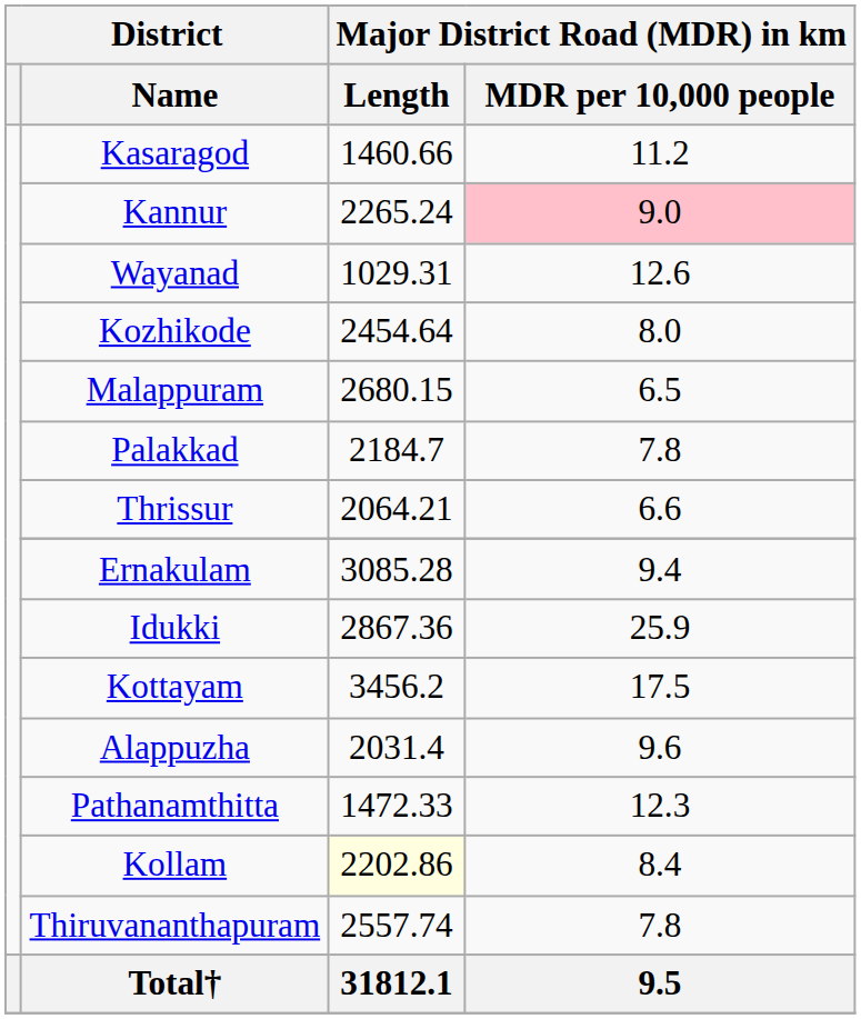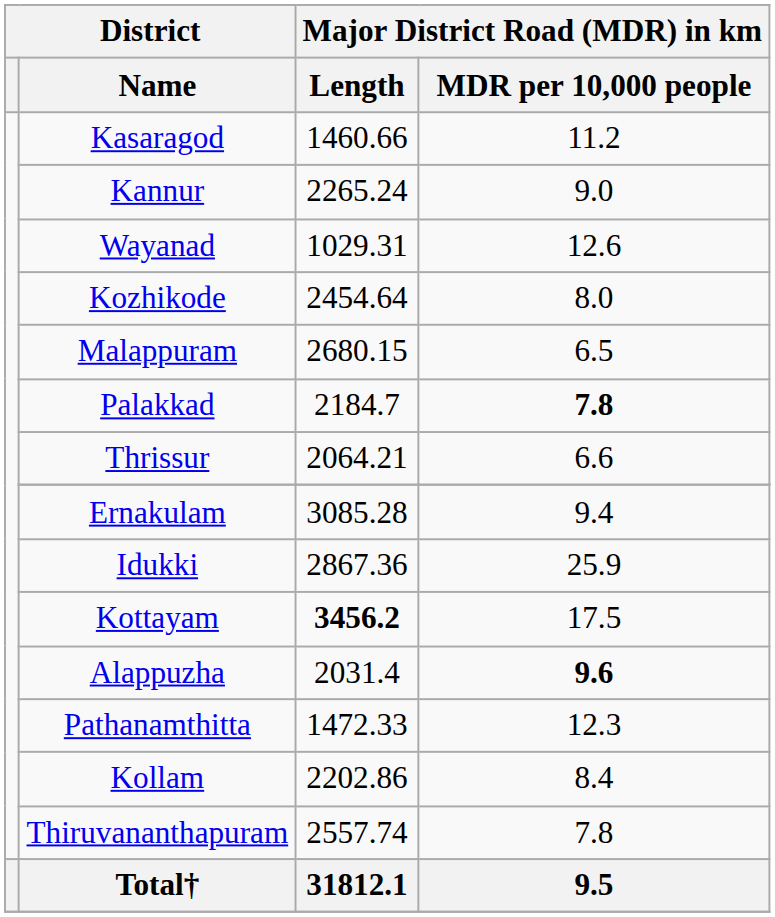 <table class="wikitable sortable" style="line-height:20px;text-align:center;">
 <tr>
 <th colspan="2">District</th>
 <th colspan="2">Major District Road (MDR) in km</th>
 </tr>
 <tr>
 <th></th>
 <th>Name</th>
 <th>Length</th>
 <th>MDR per 10,000 people</th>
 </tr>
 <tr>
 <td rowspan ="15"></td>
 <td><a href='#'>Kasaragod</a></td>
 <td>1460.66</td>
 <td>11.2</td>
 </tr>
 <tr>
 <td><a href='#'>Kannur</a></td>
 <td>2265.24</td>
-<td style="background: pink;">9.0</td>
+<td>9.0</td>
 </tr>
 <tr>
 <td><a href='#'>Wayanad</a></td>
 <td>1029.31</td>
 <td>12.6</td>
 </tr>
 <tr>
 <td><a href='#'>Kozhikode</a></td>
 <td>2454.64</td>
 <td>8.0</td>
 </tr>
 <tr>
 <td><a href='#'>Malappuram</a></td>
 <td>2680.15</td>
 <td>6.5</td>
 </tr>
 <tr>
 <td><a href='#'>Palakkad</a></td>
 <td>2184.7</td>
-<td>7.8</td>
+<td><strong>7.8</strong></td>
 </tr>
 <tr>
 <td><a href='#'>Thrissur</a></td>
 <td>2064.21</td>
 <td>6.6</td>
 </tr>
 <tr>
 </tr>
 <tr>
 <td><a href='#'>Ernakulam</a></td>
 <td>3085.28</td>
 <td>9.4</td>
 </tr>
 <tr>
 <td><a href='#'>Idukki</a></td>
 <td>2867.36</td>
 <td>25.9</td>
 </tr>
 <tr>
 <td><a href='#'>Kottayam</a></td>
-<td>3456.2</td>
+<td><strong>3456.2</strong></td>
 <td>17.5</td>
 </tr>
 <tr>
 <td><a href='#'>Alappuzha</a></td>
 <td>2031.4</td>
-<td>9.6</td>
+<td><strong>9.6</strong></td>
 </tr>
 <tr>
 <td><a href='#'>Pathanamthitta</a></td>
 <td>1472.33</td>
 <td>12.3</td>
 </tr>
 <tr>
 <td><a href='#'>Kollam</a></td>
-<td style="background: lightyellow;">2202.86</td>
+<td>2202.86</td>
 <td>8.4</td>
 </tr>
 <tr>
 <td><a href='#'>Thiruvananthapuram</a></td>
 <td>2557.74</td>
 <td>7.8</td>
 </tr>
 <tr>
 <th></th>
 <th>Total†</th>
 <th>31812.1</th>
 <th>9.5</th>
 </tr>
 <tr --->
 </tr>
 </table>
